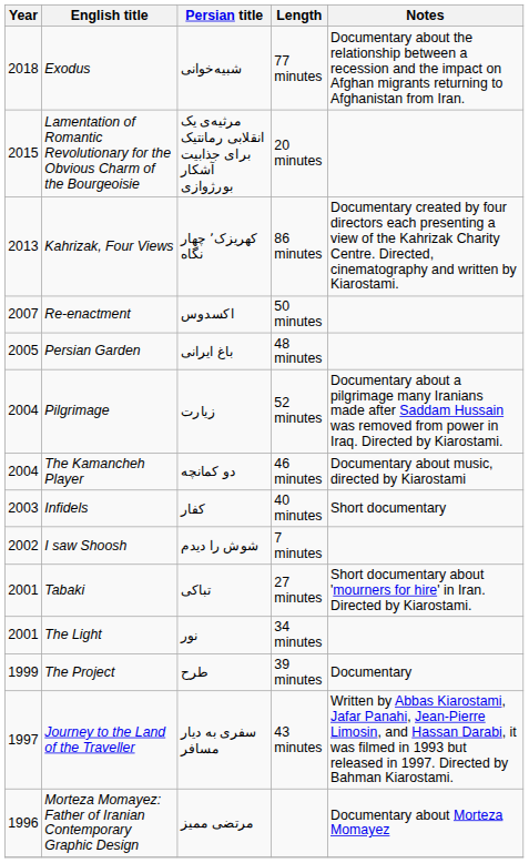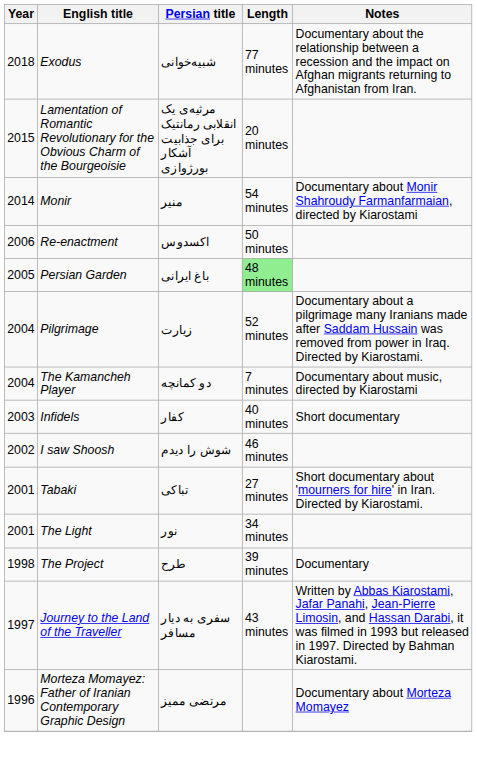 <table class="wikitable">
 <tr>
 <th>Year</th>
 <th>English title</th>
 <th><a href='#'>Persian</a> title</th>
 <th>Length</th>
 <th>Notes</th>
 </tr>
 <tr>
 <td>2018</td>
 <td><em>Exodus</em></td>
 <td>شبیه‌خوانی</td>
 <td>77 minutes</td>
 <td>Documentary about the relationship between a recession and the impact on Afghan migrants returning to Afghanistan from Iran.</td>
 </tr>
 <tr>
 <td>2015</td>
 <td><em>Lamentation of Romantic Revolutionary for the Obvious Charm of the Bourgeoisie</em></td>
 <td>مرثیه‌ی یک انقلابی رمانتیک برای جذابیت آشکار بورژوازی</td>
 <td>20 minutes</td>
 <td></td>
 </tr>
 <tr>
-<td>2013</td>
-<td><em>Kahrizak, Four Views</em></td>
-<td>کهریزک٬ چهار نگاه</td>
-<td>86 minutes</td>
-<td>Documentary created by four directors each presenting a view of the Kahrizak Charity Centre. Directed, cinematography and written by Kiarostami.</td>
+<td>2014</td>
+<td><em>Monir</em></td>
+<td>منیر</td>
+<td>54 minutes</td>
+<td>Documentary about <a href='#'>Monir Shahroudy Farmanfarmaian</a>, directed by Kiarostami</td>
 </tr>
 <tr>
-<td>2007</td>
+<td>2006</td>
 <td><em>Re-enactment</em></td>
 <td>اکسدوس</td>
 <td>50 minutes</td>
 <td></td>
 </tr>
 <tr>
 <td>2005</td>
 <td><em>Persian Garden</em></td>
 <td>باغ ایرانی</td>
-<td>48 minutes</td>
+<td style="background: lightgreen;">48 minutes</td>
 <td></td>
 </tr>
 <tr>
 <td>2004</td>
 <td><em>Pilgrimage</em></td>
 <td>زیارت</td>
 <td>52 minutes</td>
 <td>Documentary about a pilgrimage many Iranians made after <a href='#'>Saddam Hussain</a> was removed from power in Iraq. Directed by Kiarostami.</td>
 </tr>
 <tr>
 <td>2004</td>
 <td><em>The Kamancheh Player</em></td>
 <td>دو کمانچه</td>
-<td>46 minutes</td>
+<td>7 minutes</td>
 <td>Documentary about music, directed by Kiarostami</td>
 </tr>
 <tr>
 <td>2003</td>
 <td><em>Infidels</em></td>
 <td>کفار</td>
 <td>40 minutes</td>
 <td>Short documentary</td>
 </tr>
 <tr>
 <td>2002</td>
 <td><em>I saw Shoosh</em></td>
 <td>شوش را دیدم</td>
-<td>7 minutes</td>
+<td>46 minutes</td>
 <td></td>
 </tr>
 <tr>
 <td>2001</td>
 <td><em>Tabaki</em></td>
 <td>تباکی</td>
 <td>27 minutes</td>
 <td>Short documentary about '<a href='#'>mourners for hire</a>' in Iran. Directed by Kiarostami.</td>
 </tr>
 <tr>
 <td>2001</td>
 <td><em>The Light</em></td>
 <td>نور</td>
 <td>34 minutes</td>
 <td></td>
 </tr>
 <tr>
-<td>1999</td>
+<td>1998</td>
 <td><em>The Project</em></td>
 <td>طرح</td>
 <td>39 minutes</td>
 <td>Documentary</td>
 </tr>
 <tr>
 <td>1997</td>
 <td><em><a href='#'>Journey to the Land of the Traveller</a></em></td>
 <td>سفری به دیار مسافر</td>
 <td>43 minutes</td>
 <td>Written by <a href='#'>Abbas Kiarostami</a>, <a href='#'>Jafar Panahi</a>, <a href='#'>Jean-Pierre Limosin</a>, and <a href='#'>Hassan Darabi</a>, it was filmed in 1993 but released in 1997. Directed by Bahman Kiarostami.</td>
 </tr>
 <tr>
 <td>1996</td>
 <td><em>Morteza Momayez: Father of Iranian Contemporary Graphic Design</em></td>
 <td>مرتضی ممیز</td>
 <td></td>
 <td>Documentary about <a href='#'>Morteza Momayez</a></td>
 </tr>
 <tr>
 </tr>
 </table>
